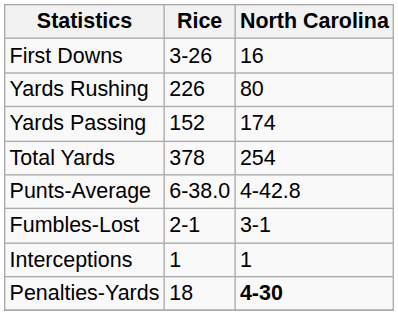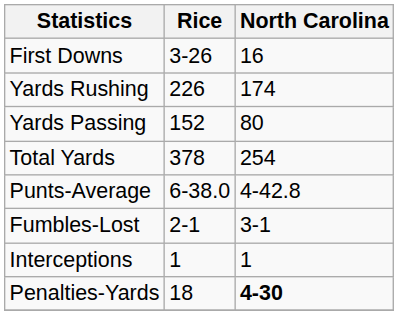 <table class="wikitable">
 <tr>
 <th>Statistics</th>
 <th>Rice</th>
 <th>North Carolina</th>
 </tr>
 <tr>
 <td>First Downs</td>
 <td>3-26</td>
 <td>16</td>
 </tr>
 <tr>
 <td>Yards Rushing</td>
 <td>226</td>
-<td>80</td>
+<td>174</td>
 </tr>
 <tr>
 <td>Yards Passing</td>
 <td>152</td>
-<td>174</td>
+<td>80</td>
 </tr>
 <tr>
 <td>Total Yards</td>
 <td>378</td>
 <td>254</td>
 </tr>
 <tr>
 <td>Punts-Average</td>
 <td>6-38.0</td>
 <td>4-42.8</td>
 </tr>
 <tr>
 <td>Fumbles-Lost</td>
 <td>2-1</td>
 <td>3-1</td>
 </tr>
 <tr>
 <td>Interceptions</td>
 <td>1</td>
 <td>1</td>
 </tr>
 <tr>
 <td>Penalties-Yards</td>
 <td>18</td>
 <td><strong>4-30</strong></td>
 </tr>
 <tr>
 </tr>
 </table>
